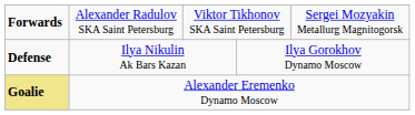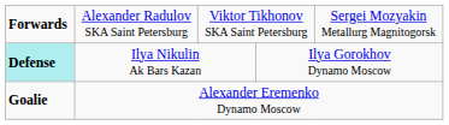 <table class="wikitable" width ="80%">
 <tr>
 <td><strong>Forwards</strong></td>
 <td align="center" colspan=2> <a href='#'>Alexander Radulov</a><br><small>SKA Saint Petersburg</small></td>
 <td align="center" colspan=2> <a href='#'>Viktor Tikhonov</a><br><small>SKA Saint Petersburg</small></td>
 <td align="center" colspan=2> <a href='#'>Sergei Mozyakin</a><br><small>Metallurg Magnitogorsk</small></td>
 </tr>
 <tr>
-<td><strong>Defense</strong></td>
+<td style="background: paleturquoise;"><strong>Defense</strong></td>
 <td align="center" colspan=3> <a href='#'>Ilya Nikulin</a><br><small>Ak Bars Kazan</small></td>
 <td align="center" colspan=3> <a href='#'>Ilya Gorokhov</a><br><small>Dynamo Moscow</small></td>
 </tr>
 <tr>
-<td style="background: khaki;"><strong>Goalie</strong></td>
+<td><strong>Goalie</strong></td>
 <td align="center" colspan=6> <a href='#'>Alexander Eremenko</a><br><small>Dynamo Moscow</small></td>
 </tr>
 </table>
